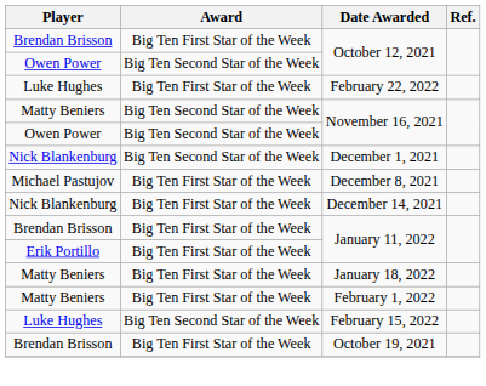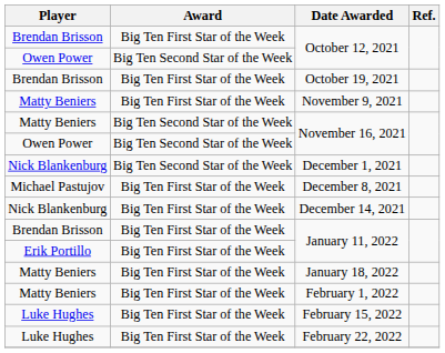 <table class="wikitable sortable sortable" style="text-align: center">
 <tr align=center>
 <th>Player</th>
 <th>Award</th>
 <th>Date Awarded</th>
 <th>Ref.</th>
 </tr>
 <tr>
 <td><a href='#'>Brendan Brisson</a></td>
 <td>Big Ten First Star of the Week</td>
 <td rowspan="2">October 12, 2021</td>
 <td rowspan="2"></td>
 </tr>
 <tr>
 <td><a href='#'>Owen Power</a></td>
 <td>Big Ten Second Star of the Week</td>
 </tr>
 <tr>
-<td>Luke Hughes</td>
+<td>Brendan Brisson</td>
 <td>Big Ten First Star of the Week</td>
-<td>February 22, 2022</td>
+<td>October 19, 2021</td>
+<td></td>
+</tr>
+<tr>
+<td><a href='#'>Matty Beniers</a></td>
+<td>Big Ten First Star of the Week</td>
+<td>November 9, 2021</td>
 <td></td>
 </tr>
 <tr>
 <td>Matty Beniers</td>
 <td>Big Ten Second Star of the Week</td>
 <td rowspan="2">November 16, 2021</td>
 <td rowspan="2"></td>
 </tr>
 <tr>
 <td>Owen Power</td>
 <td>Big Ten Second Star of the Week</td>
 </tr>
 <tr>
 <td><a href='#'>Nick Blankenburg</a></td>
 <td>Big Ten Second Star of the Week</td>
 <td>December 1, 2021</td>
 <td></td>
 </tr>
 <tr>
 <td>Michael Pastujov</td>
 <td>Big Ten First Star of the Week</td>
 <td>December 8, 2021</td>
 <td></td>
 </tr>
 <tr>
 <td>Nick Blankenburg</td>
 <td>Big Ten First Star of the Week</td>
 <td>December 14, 2021</td>
 <td></td>
 </tr>
 <tr>
 <td>Brendan Brisson</td>
 <td>Big Ten First Star of the Week</td>
 <td rowspan="2">January 11, 2022</td>
 <td rowspan="2"></td>
 </tr>
 <tr>
 <td><a href='#'>Erik Portillo</a></td>
 <td>Big Ten First Star of the Week</td>
 </tr>
 <tr>
 <td>Matty Beniers</td>
 <td>Big Ten First Star of the Week</td>
 <td>January 18, 2022</td>
 <td></td>
 </tr>
 <tr>
 <td>Matty Beniers</td>
 <td>Big Ten First Star of the Week</td>
 <td>February 1, 2022</td>
 <td></td>
 </tr>
 <tr>
 <td><a href='#'>Luke Hughes</a></td>
-<td>Big Ten Second Star of the Week</td>
+<td>Big Ten First Star of the Week</td>
 <td>February 15, 2022</td>
 <td></td>
 </tr>
 <tr>
-<td>Brendan Brisson</td>
+<td>Luke Hughes</td>
 <td>Big Ten First Star of the Week</td>
-<td>October 19, 2021</td>
+<td>February 22, 2022</td>
 <td></td>
 </tr>
 <tr>
 </tr>
 </table>
